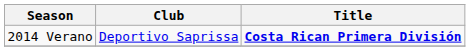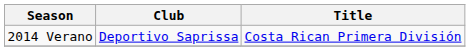 <table class="wikitable">
 <tr>
 <th>Season</th>
 <th>Club</th>
 <th>Title</th>
 </tr>
 <tr>
 <td>2014 Verano</td>
 <td><a href='#'>Deportivo Saprissa</a></td>
-<td><strong><a href='#'>Costa Rican Primera División</a></strong></td>
+<td><a href='#'>Costa Rican Primera División</a></td>
 </tr>
 <tr>
 </tr>
 </table>
